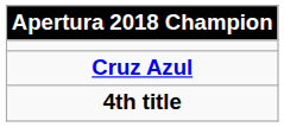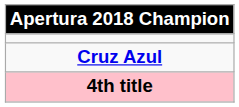 <table class="wikitable" style="text-align: center; margin: 0 auto">
 <tr>
 <th style="color:#FFFFFF; background-color:#000000;">Apertura 2018 Champion</th>
 </tr>
 <tr>
 <td></td>
 </tr>
 <tr>
 <td><strong><a href='#'>Cruz Azul</a></strong></td>
 </tr>
 <tr>
-<td><strong>4th title</strong></td>
+<td style="background: pink;"><strong>4th title</strong></td>
 </tr>
 </table>
